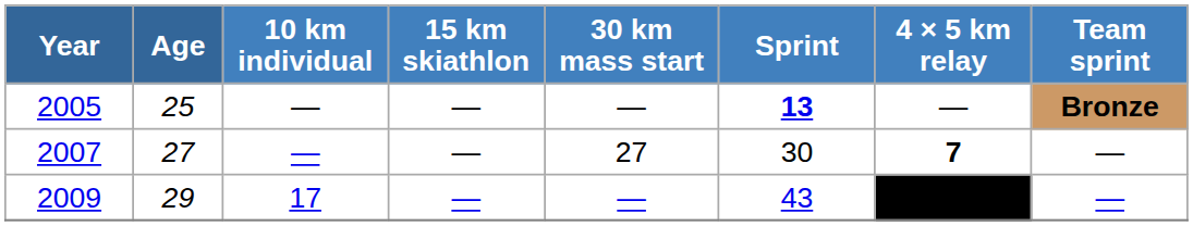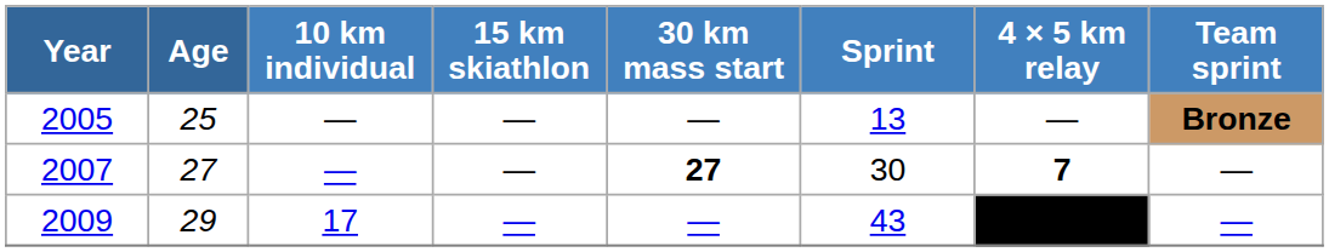 <table class="wikitable" style="font-size:95%; text-align:center; border:grey solid 1px; border-collapse:collapse; background:#ffffff;">
 <tr>
 <th style="background-color:#369; color:white; width:60px;"> Year </th>
 <th style="background-color:#369; color:white; width:40px;"> Age </th>
 <th style="background-color:#4180be; color:white; width:75px;"> 10 km <br> individual </th>
 <th style="background-color:#4180be; color:white; width:75px;"> 15 km <br> skiathlon </th>
 <th style="background-color:#4180be; color:white; width:75px;"> 30 km <br> mass start </th>
 <th style="background-color:#4180be; color:white; width:75px;"> Sprint </th>
 <th style="background-color:#4180be; color:white; width:75px;"> 4 × 5 km <br> relay </th>
 <th style="background-color:#4180be; color:white; width:75px;"> Team <br> sprint </th>
 </tr>
 <tr>
 <td><a href='#'>2005</a></td>
 <td><em>25</em></td>
 <td>—</td>
 <td>—</td>
 <td>—</td>
-<td><strong><a href='#'>13</a></strong></td>
+<td><a href='#'>13</a></td>
 <td>—</td>
 <td bgcolor="cc9966"><strong>Bronze</strong></td>
 </tr>
 <tr>
 <td><a href='#'>2007</a></td>
 <td><em>27</em></td>
 <td><a href='#'>—</a></td>
 <td>—</td>
-<td>27</td>
+<td><strong>27</strong></td>
 <td>30</td>
 <td><strong>7</strong></td>
 <td>—</td>
 </tr>
 <tr>
 <td><a href='#'>2009</a></td>
 <td><em>29</em></td>
 <td><a href='#'>17</a></td>
 <td><a href='#'>—</a></td>
 <td><a href='#'>—</a></td>
 <td><a href='#'>43</a></td>
 <td style="background:#000; color:#fff;"><a href='#'><span></span></a></td>
 <td><a href='#'>—</a></td>
 </tr>
 <tr>
 </tr>
 </table>
